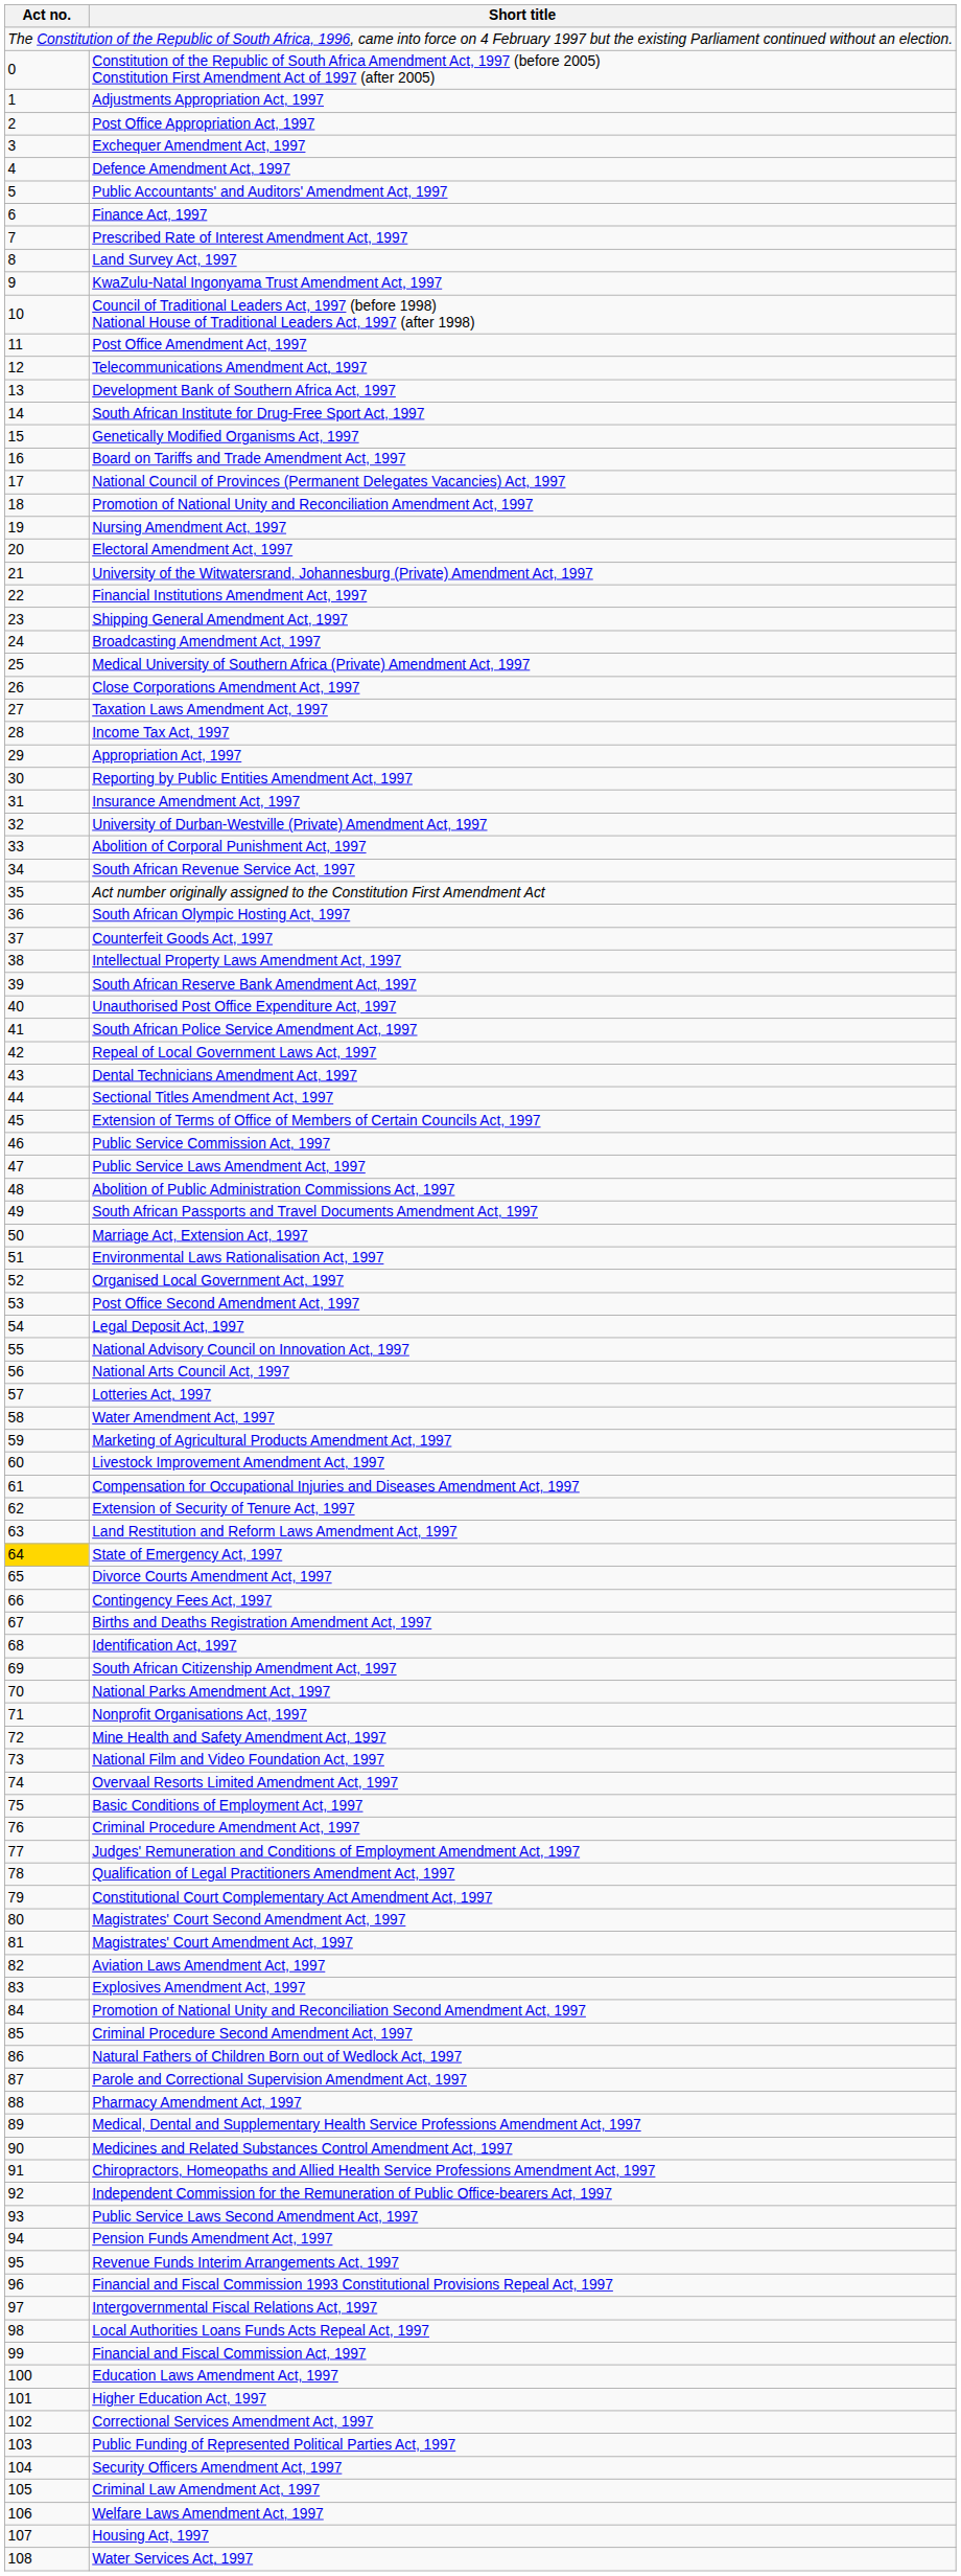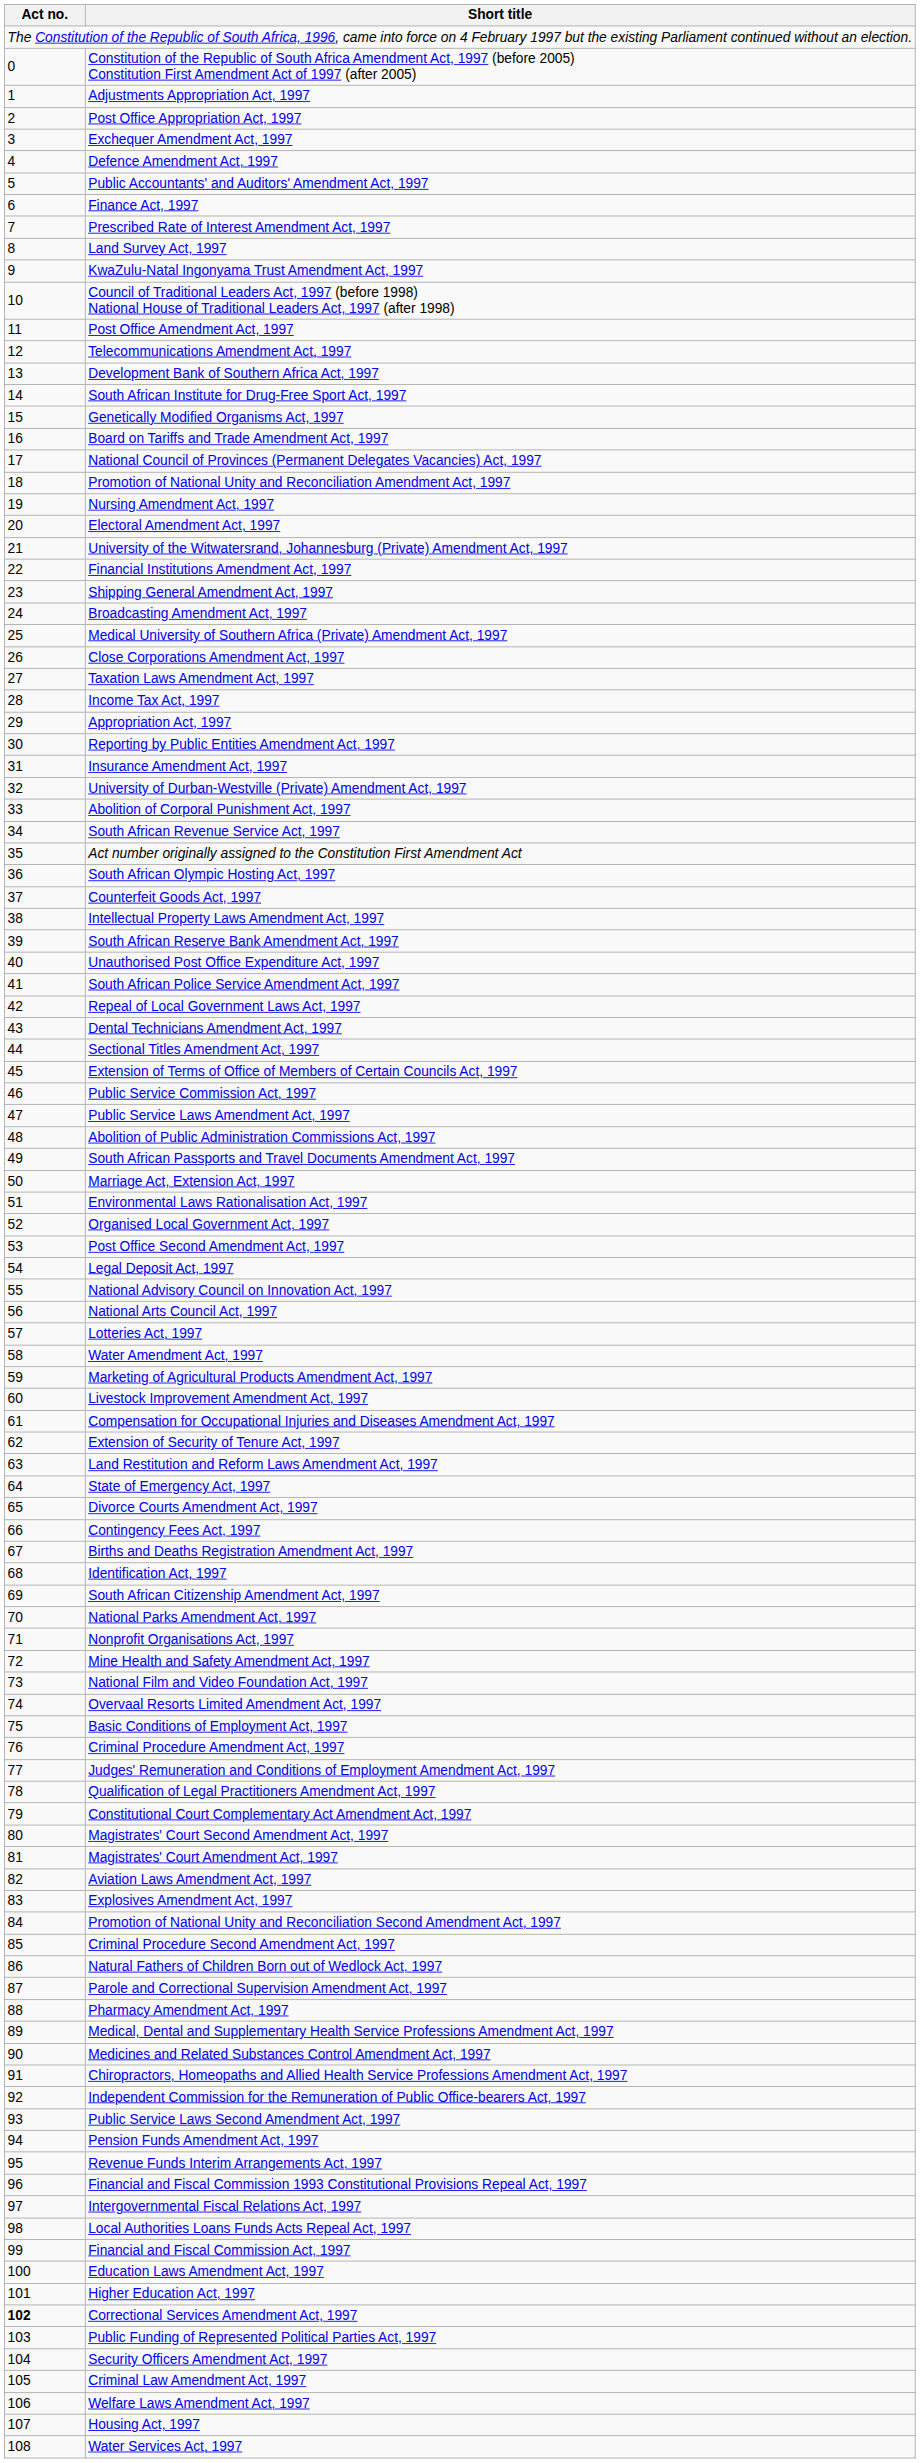 <table class="wikitable sortable">
 <tr>
 <th>Act no.</th>
 <th>Short title</th>
 </tr>
 <tr>
 <td colspan=2 align=center><em>The <a href='#'>Constitution of the Republic of South Africa, 1996</a>, came into force on 4 February 1997 but the existing Parliament continued without an election.</em></td>
 </tr>
 <tr>
 <td><span>0</span></td>
 <td><a href='#'>Constitution of the Republic of South Africa Amendment Act, 1997</a> (before 2005) <br><a href='#'>Constitution First Amendment Act of 1997</a> (after 2005)</td>
 </tr>
 <tr>
 <td>1</td>
 <td><a href='#'>Adjustments Appropriation Act, 1997</a></td>
 </tr>
 <tr>
 <td>2</td>
 <td><a href='#'>Post Office Appropriation Act, 1997</a></td>
 </tr>
 <tr>
 <td>3</td>
 <td><a href='#'>Exchequer Amendment Act, 1997</a></td>
 </tr>
 <tr>
 <td>4</td>
 <td><a href='#'>Defence Amendment Act, 1997</a></td>
 </tr>
 <tr>
 <td>5</td>
 <td><a href='#'>Public Accountants' and Auditors' Amendment Act, 1997</a></td>
 </tr>
 <tr>
 <td>6</td>
 <td><a href='#'>Finance Act, 1997</a></td>
 </tr>
 <tr>
 <td>7</td>
 <td><a href='#'>Prescribed Rate of Interest Amendment Act, 1997</a></td>
 </tr>
 <tr>
 <td>8</td>
 <td><a href='#'>Land Survey Act, 1997</a></td>
 </tr>
 <tr>
 <td>9</td>
 <td><a href='#'>KwaZulu-Natal Ingonyama Trust Amendment Act, 1997</a></td>
 </tr>
 <tr>
 <td>10</td>
 <td><a href='#'>Council of Traditional Leaders Act, 1997</a> (before 1998) <br><a href='#'>National House of Traditional Leaders Act, 1997</a> (after 1998)</td>
 </tr>
 <tr>
 <td>11</td>
 <td><a href='#'>Post Office Amendment Act, 1997</a></td>
 </tr>
 <tr>
 <td>12</td>
 <td><a href='#'>Telecommunications Amendment Act, 1997</a></td>
 </tr>
 <tr>
 <td>13</td>
 <td><a href='#'>Development Bank of Southern Africa Act, 1997</a></td>
 </tr>
 <tr>
 <td>14</td>
 <td><a href='#'>South African Institute for Drug-Free Sport Act, 1997</a></td>
 </tr>
 <tr>
 <td>15</td>
 <td><a href='#'>Genetically Modified Organisms Act, 1997</a></td>
 </tr>
 <tr>
 <td>16</td>
 <td><a href='#'>Board on Tariffs and Trade Amendment Act, 1997</a></td>
 </tr>
 <tr>
 <td>17</td>
 <td><a href='#'>National Council of Provinces (Permanent Delegates Vacancies) Act, 1997</a></td>
 </tr>
 <tr>
 <td>18</td>
 <td><a href='#'>Promotion of National Unity and Reconciliation Amendment Act, 1997</a></td>
 </tr>
 <tr>
 <td>19</td>
 <td><a href='#'>Nursing Amendment Act, 1997</a></td>
 </tr>
 <tr>
 <td>20</td>
 <td><a href='#'>Electoral Amendment Act, 1997</a></td>
 </tr>
 <tr>
 <td>21</td>
 <td><a href='#'>University of the Witwatersrand, Johannesburg (Private) Amendment Act, 1997</a></td>
 </tr>
 <tr>
 <td>22</td>
 <td><a href='#'>Financial Institutions Amendment Act, 1997</a></td>
 </tr>
 <tr>
 <td>23</td>
 <td><a href='#'>Shipping General Amendment Act, 1997</a></td>
 </tr>
 <tr>
 <td>24</td>
 <td><a href='#'>Broadcasting Amendment Act, 1997</a></td>
 </tr>
 <tr>
 <td>25</td>
 <td><a href='#'>Medical University of Southern Africa (Private) Amendment Act, 1997</a></td>
 </tr>
 <tr>
 <td>26</td>
 <td><a href='#'>Close Corporations Amendment Act, 1997</a></td>
 </tr>
 <tr>
 <td>27</td>
 <td><a href='#'>Taxation Laws Amendment Act, 1997</a></td>
 </tr>
 <tr>
 <td>28</td>
 <td><a href='#'>Income Tax Act, 1997</a></td>
 </tr>
 <tr>
 <td>29</td>
 <td><a href='#'>Appropriation Act, 1997</a></td>
 </tr>
 <tr>
 <td>30</td>
 <td><a href='#'>Reporting by Public Entities Amendment Act, 1997</a></td>
 </tr>
 <tr>
 <td>31</td>
 <td><a href='#'>Insurance Amendment Act, 1997</a></td>
 </tr>
 <tr>
 <td>32</td>
 <td><a href='#'>University of Durban-Westville (Private) Amendment Act, 1997</a></td>
 </tr>
 <tr>
 <td>33</td>
 <td><a href='#'>Abolition of Corporal Punishment Act, 1997</a></td>
 </tr>
 <tr>
 <td>34</td>
 <td><a href='#'>South African Revenue Service Act, 1997</a></td>
 </tr>
 <tr>
 <td>35</td>
 <td><em>Act number originally assigned to the Constitution First Amendment Act</em></td>
 </tr>
 <tr>
 <td>36</td>
 <td><a href='#'>South African Olympic Hosting Act, 1997</a></td>
 </tr>
 <tr>
 <td>37</td>
 <td><a href='#'>Counterfeit Goods Act, 1997</a></td>
 </tr>
 <tr>
 <td>38</td>
 <td><a href='#'>Intellectual Property Laws Amendment Act, 1997</a></td>
 </tr>
 <tr>
 <td>39</td>
 <td><a href='#'>South African Reserve Bank Amendment Act, 1997</a></td>
 </tr>
 <tr>
 <td>40</td>
 <td><a href='#'>Unauthorised Post Office Expenditure Act, 1997</a></td>
 </tr>
 <tr>
 <td>41</td>
 <td><a href='#'>South African Police Service Amendment Act, 1997</a></td>
 </tr>
 <tr>
 <td>42</td>
 <td><a href='#'>Repeal of Local Government Laws Act, 1997</a></td>
 </tr>
 <tr>
 <td>43</td>
 <td><a href='#'>Dental Technicians Amendment Act, 1997</a></td>
 </tr>
 <tr>
 <td>44</td>
 <td><a href='#'>Sectional Titles Amendment Act, 1997</a></td>
 </tr>
 <tr>
 <td>45</td>
 <td><a href='#'>Extension of Terms of Office of Members of Certain Councils Act, 1997</a></td>
 </tr>
 <tr>
 <td>46</td>
 <td><a href='#'>Public Service Commission Act, 1997</a></td>
 </tr>
 <tr>
 <td>47</td>
 <td><a href='#'>Public Service Laws Amendment Act, 1997</a></td>
 </tr>
 <tr>
 <td>48</td>
 <td><a href='#'>Abolition of Public Administration Commissions Act, 1997</a></td>
 </tr>
 <tr>
 <td>49</td>
 <td><a href='#'>South African Passports and Travel Documents Amendment Act, 1997</a></td>
 </tr>
 <tr>
 <td>50</td>
 <td><a href='#'>Marriage Act, Extension Act, 1997</a></td>
 </tr>
 <tr>
 <td>51</td>
 <td><a href='#'>Environmental Laws Rationalisation Act, 1997</a></td>
 </tr>
 <tr>
 <td>52</td>
 <td><a href='#'>Organised Local Government Act, 1997</a></td>
 </tr>
 <tr>
 <td>53</td>
 <td><a href='#'>Post Office Second Amendment Act, 1997</a></td>
 </tr>
 <tr>
 <td>54</td>
 <td><a href='#'>Legal Deposit Act, 1997</a></td>
 </tr>
 <tr>
 <td>55</td>
 <td><a href='#'>National Advisory Council on Innovation Act, 1997</a></td>
 </tr>
 <tr>
 <td>56</td>
 <td><a href='#'>National Arts Council Act, 1997</a></td>
 </tr>
 <tr>
 <td>57</td>
 <td><a href='#'>Lotteries Act, 1997</a></td>
 </tr>
 <tr>
 <td>58</td>
 <td><a href='#'>Water Amendment Act, 1997</a></td>
 </tr>
 <tr>
 <td>59</td>
 <td><a href='#'>Marketing of Agricultural Products Amendment Act, 1997</a></td>
 </tr>
 <tr>
 <td>60</td>
 <td><a href='#'>Livestock Improvement Amendment Act, 1997</a></td>
 </tr>
 <tr>
 <td>61</td>
 <td><a href='#'>Compensation for Occupational Injuries and Diseases Amendment Act, 1997</a></td>
 </tr>
 <tr>
 <td>62</td>
 <td><a href='#'>Extension of Security of Tenure Act, 1997</a></td>
 </tr>
 <tr>
 <td>63</td>
 <td><a href='#'>Land Restitution and Reform Laws Amendment Act, 1997</a></td>
 </tr>
 <tr>
-<td style="background: gold;">64</td>
+<td>64</td>
 <td><a href='#'>State of Emergency Act, 1997</a></td>
 </tr>
 <tr>
 <td>65</td>
 <td><a href='#'>Divorce Courts Amendment Act, 1997</a></td>
 </tr>
 <tr>
 <td>66</td>
 <td><a href='#'>Contingency Fees Act, 1997</a></td>
 </tr>
 <tr>
 <td>67</td>
 <td><a href='#'>Births and Deaths Registration Amendment Act, 1997</a></td>
 </tr>
 <tr>
 <td>68</td>
 <td><a href='#'>Identification Act, 1997</a></td>
 </tr>
 <tr>
 <td>69</td>
 <td><a href='#'>South African Citizenship Amendment Act, 1997</a></td>
 </tr>
 <tr>
 <td>70</td>
 <td><a href='#'>National Parks Amendment Act, 1997</a></td>
 </tr>
 <tr>
 <td>71</td>
 <td><a href='#'>Nonprofit Organisations Act, 1997</a></td>
 </tr>
 <tr>
 <td>72</td>
 <td><a href='#'>Mine Health and Safety Amendment Act, 1997</a></td>
 </tr>
 <tr>
 <td>73</td>
 <td><a href='#'>National Film and Video Foundation Act, 1997</a></td>
 </tr>
 <tr>
 <td>74</td>
 <td><a href='#'>Overvaal Resorts Limited Amendment Act, 1997</a></td>
 </tr>
 <tr>
 <td>75</td>
 <td><a href='#'>Basic Conditions of Employment Act, 1997</a></td>
 </tr>
 <tr>
 <td>76</td>
 <td><a href='#'>Criminal Procedure Amendment Act, 1997</a></td>
 </tr>
 <tr>
 <td>77</td>
 <td><a href='#'>Judges' Remuneration and Conditions of Employment Amendment Act, 1997</a></td>
 </tr>
 <tr>
 <td>78</td>
 <td><a href='#'>Qualification of Legal Practitioners Amendment Act, 1997</a></td>
 </tr>
 <tr>
 <td>79</td>
 <td><a href='#'>Constitutional Court Complementary Act Amendment Act, 1997</a></td>
 </tr>
 <tr>
 <td>80</td>
 <td><a href='#'>Magistrates' Court Second Amendment Act, 1997</a></td>
 </tr>
 <tr>
 <td>81</td>
 <td><a href='#'>Magistrates' Court Amendment Act, 1997</a></td>
 </tr>
 <tr>
 <td>82</td>
 <td><a href='#'>Aviation Laws Amendment Act, 1997</a></td>
 </tr>
 <tr>
 <td>83</td>
 <td><a href='#'>Explosives Amendment Act, 1997</a></td>
 </tr>
 <tr>
 <td>84</td>
 <td><a href='#'>Promotion of National Unity and Reconciliation Second Amendment Act, 1997</a></td>
 </tr>
 <tr>
 <td>85</td>
 <td><a href='#'>Criminal Procedure Second Amendment Act, 1997</a></td>
 </tr>
 <tr>
 <td>86</td>
 <td><a href='#'>Natural Fathers of Children Born out of Wedlock Act, 1997</a></td>
 </tr>
 <tr>
 <td>87</td>
 <td><a href='#'>Parole and Correctional Supervision Amendment Act, 1997</a></td>
 </tr>
 <tr>
 <td>88</td>
 <td><a href='#'>Pharmacy Amendment Act, 1997</a></td>
 </tr>
 <tr>
 <td>89</td>
 <td><a href='#'>Medical, Dental and Supplementary Health Service Professions Amendment Act, 1997</a></td>
 </tr>
 <tr>
 <td>90</td>
 <td><a href='#'>Medicines and Related Substances Control Amendment Act, 1997</a></td>
 </tr>
 <tr>
 <td>91</td>
 <td><a href='#'>Chiropractors, Homeopaths and Allied Health Service Professions Amendment Act, 1997</a></td>
 </tr>
 <tr>
 <td>92</td>
 <td><a href='#'>Independent Commission for the Remuneration of Public Office-bearers Act, 1997</a></td>
 </tr>
 <tr>
 <td>93</td>
 <td><a href='#'>Public Service Laws Second Amendment Act, 1997</a></td>
 </tr>
 <tr>
 <td>94</td>
 <td><a href='#'>Pension Funds Amendment Act, 1997</a></td>
 </tr>
 <tr>
 <td>95</td>
 <td><a href='#'>Revenue Funds Interim Arrangements Act, 1997</a></td>
 </tr>
 <tr>
 <td>96</td>
 <td><a href='#'>Financial and Fiscal Commission 1993 Constitutional Provisions Repeal Act, 1997</a></td>
 </tr>
 <tr>
 <td>97</td>
 <td><a href='#'>Intergovernmental Fiscal Relations Act, 1997</a></td>
 </tr>
 <tr>
 <td>98</td>
 <td><a href='#'>Local Authorities Loans Funds Acts Repeal Act, 1997</a></td>
 </tr>
 <tr>
 <td>99</td>
 <td><a href='#'>Financial and Fiscal Commission Act, 1997</a></td>
 </tr>
 <tr>
 <td>100</td>
 <td><a href='#'>Education Laws Amendment Act, 1997</a></td>
 </tr>
 <tr>
 <td>101</td>
 <td><a href='#'>Higher Education Act, 1997</a></td>
 </tr>
 <tr>
-<td>102</td>
+<td><strong>102</strong></td>
 <td><a href='#'>Correctional Services Amendment Act, 1997</a></td>
 </tr>
 <tr>
 <td>103</td>
 <td><a href='#'>Public Funding of Represented Political Parties Act, 1997</a></td>
 </tr>
 <tr>
 <td>104</td>
 <td><a href='#'>Security Officers Amendment Act, 1997</a></td>
 </tr>
 <tr>
 <td>105</td>
 <td><a href='#'>Criminal Law Amendment Act, 1997</a></td>
 </tr>
 <tr>
 <td>106</td>
 <td><a href='#'>Welfare Laws Amendment Act, 1997</a></td>
 </tr>
 <tr>
 <td>107</td>
 <td><a href='#'>Housing Act, 1997</a></td>
 </tr>
 <tr>
 <td>108</td>
 <td><a href='#'>Water Services Act, 1997</a></td>
 </tr>
 </table>
